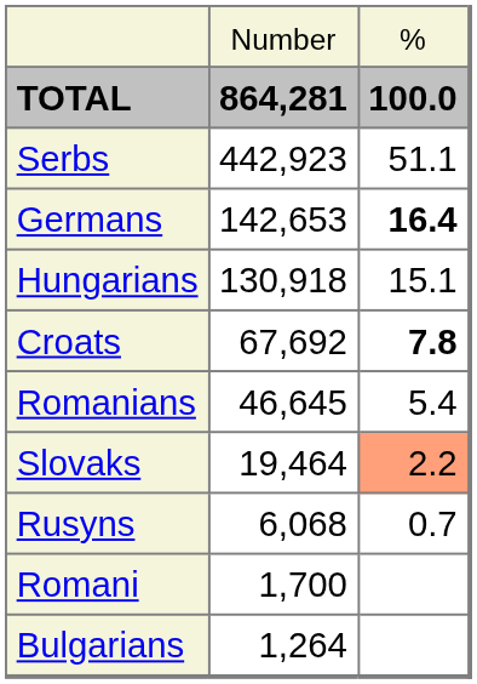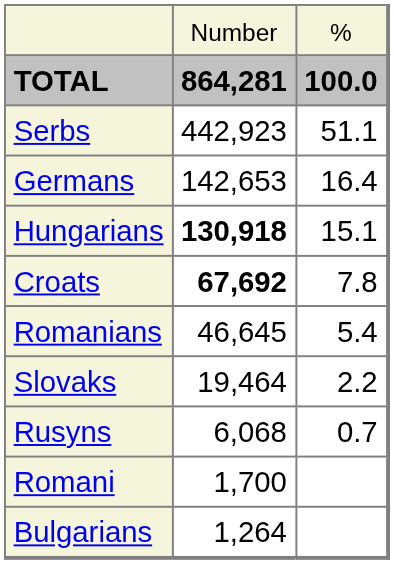 <table border=1 cellpadding=4 cellspacing=0 class="toccolours" style="align: left; margin: 0.5em 0 0 0; border-style: solid; border: 1px solid #7f7f7f; border-right-width: 2px; border-bottom-width: 2px; border-collapse: collapse; font-size: 95%;">
 <tr>
 <td style="background:#F5F5DC;"></td>
 <td style="background:#F5F5DC;" align="center"><small>Number</small></td>
 <td style="background:#F5F5DC;" align="center"><small>%</small></td>
 </tr>
 <tr>
 <td style="background:#c1c1c1;"><strong>TOTAL</strong></td>
 <td colspan=1 style="background:#c1c1c1;" align="center"><strong>864,281</strong></td>
 <td colspan=1 style="background:#c1c1c1;" align="center"><strong>100.0</strong></td>
 </tr>
 <tr>
 <td style="background:#F5F5DC;"><a href='#'>Serbs</a></td>
 <td align="right">442,923</td>
 <td align="right">51.1</td>
 </tr>
 <tr>
 <td style="background:#F5F5DC;"><a href='#'>Germans</a></td>
 <td align="right">142,653</td>
-<td align="right"><strong>16.4</strong></td>
+<td align="right">16.4</td>
 </tr>
 <tr>
 <td style="background:#F5F5DC;"><a href='#'>Hungarians</a></td>
-<td align="right">130,918</td>
+<td align="right"><strong>130,918</strong></td>
 <td align="right">15.1</td>
 </tr>
 <tr>
 <td style="background:#F5F5DC;"><a href='#'>Croats</a></td>
-<td align="right">67,692</td>
-<td align="right"><strong>7.8</strong></td>
+<td align="right"><strong>67,692</strong></td>
+<td align="right">7.8</td>
 </tr>
 <tr>
 <td style="background:#F5F5DC;"><a href='#'>Romanians</a></td>
 <td align="right">46,645</td>
 <td align="right">5.4</td>
 </tr>
 <tr>
 <td style="background:#F5F5DC;"><a href='#'>Slovaks</a></td>
 <td align="right">19,464</td>
-<td align="right" style="background: lightsalmon;">2.2</td>
+<td align="right">2.2</td>
 </tr>
 <tr>
 <td style="background:#F5F5DC;"><a href='#'>Rusyns</a></td>
 <td align="right">6,068</td>
 <td align="right">0.7</td>
 </tr>
 <tr>
 <td style="background:#F5F5DC;"><a href='#'>Romani</a></td>
 <td align="right">1,700</td>
 <td align="right"></td>
 </tr>
 <tr>
 <td style="background:#F5F5DC;"><a href='#'>Bulgarians</a></td>
 <td align="right">1,264</td>
 <td align="right"></td>
 </tr>
 <tr>
 </tr>
 </table>
